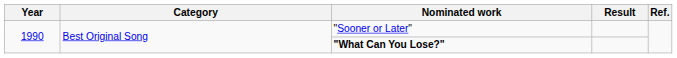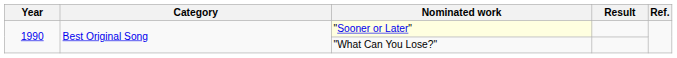 <table class=wikitable>
 <tr>
 <th scope="col" style="width:5em;">Year</th>
 <th scope="col" style="width:26em;">Category</th>
 <th scope="col" style="width:25em;">Nominated work</th>
 <th scope="col" style="width:5em;">Result</th>
 <th>Ref.</th>
 </tr>
 <tr>
 <td style="text-align:center;", rowspan="2"><a href='#'>1990</a></td>
 <td rowspan="2"><a href='#'>Best Original Song</a></td>
-<td>"<a href='#'>Sooner or Later</a>" </td>
+<td style="background: lightyellow;">"<a href='#'>Sooner or Later</a>" </td>
 <td></td>
 <td style="text-align:center;", rowspan="2"></td>
 </tr>
 <tr>
-<td><strong>"What Can You Lose?" </strong></td>
+<td>"What Can You Lose?" </td>
 <td></td>
 </tr>
 </table>
